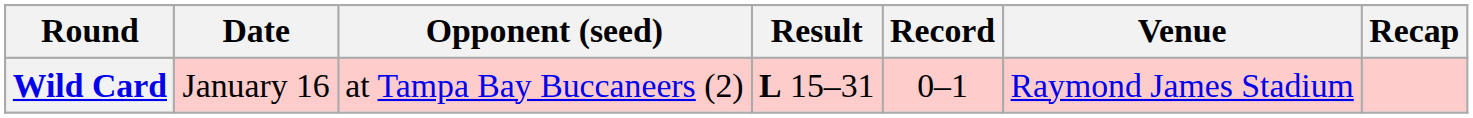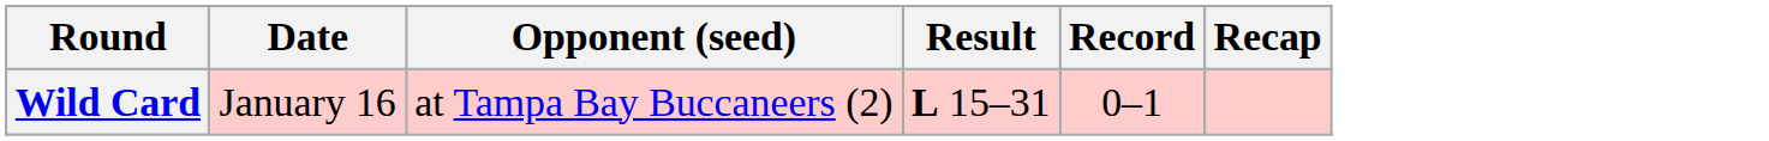 <table class="wikitable" style="text-align:center">
 <tr>
 <th>Round</th>
 <th>Date</th>
 <th>Opponent (seed)</th>
 <th>Result</th>
 <th>Record</th>
-<th>Venue</th>
 <th>Recap</th>
 </tr>
 <tr style="background:#fcc">
 <th><a href='#'>Wild Card</a></th>
 <td>January 16</td>
 <td>at <a href='#'>Tampa Bay Buccaneers</a> (2)</td>
 <td><strong>L</strong> 15–31</td>
 <td>0–1</td>
-<td><a href='#'>Raymond James Stadium</a></td>
 <td></td>
 </tr>
 </table>
